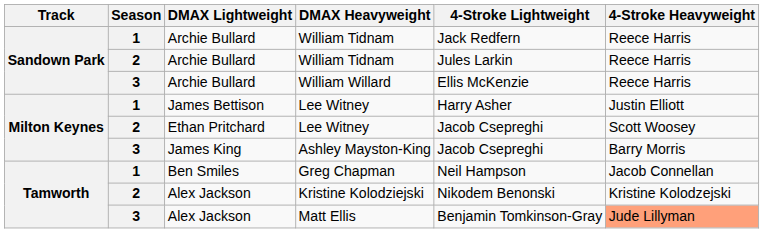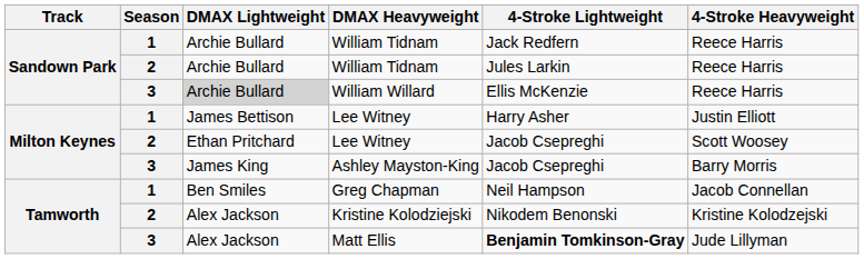 <table class="wikitable">
 <tr>
 <th>Track</th>
 <th>Season</th>
 <th>DMAX Lightweight</th>
 <th>DMAX Heavyweight</th>
 <th>4-Stroke Lightweight</th>
 <th>4-Stroke Heavyweight</th>
 </tr>
 <tr>
 <th rowspan="3">Sandown Park</th>
 <th>1</th>
 <td>Archie Bullard</td>
 <td>William Tidnam</td>
 <td>Jack Redfern</td>
 <td>Reece Harris</td>
 </tr>
 <tr>
 <th>2</th>
 <td>Archie Bullard</td>
 <td>William Tidnam</td>
 <td>Jules Larkin</td>
 <td>Reece Harris</td>
 </tr>
 <tr>
 <th>3</th>
-<td>Archie Bullard</td>
+<td style="background: lightgrey;">Archie Bullard</td>
 <td>William Willard</td>
 <td>Ellis McKenzie</td>
 <td>Reece Harris</td>
 </tr>
 <tr>
 <th rowspan="3">Milton Keynes</th>
 <th>1</th>
 <td>James Bettison</td>
 <td>Lee Witney</td>
 <td>Harry Asher</td>
 <td>Justin Elliott</td>
 </tr>
 <tr>
 <th>2</th>
 <td>Ethan Pritchard</td>
 <td>Lee Witney</td>
 <td>Jacob Csepreghi</td>
 <td>Scott Woosey</td>
 </tr>
 <tr>
 <th>3</th>
 <td>James King</td>
 <td>Ashley Mayston-King</td>
 <td>Jacob Csepreghi</td>
 <td>Barry Morris</td>
 </tr>
 <tr>
 <th rowspan="3">Tamworth</th>
 <th>1</th>
 <td>Ben Smiles</td>
 <td>Greg Chapman</td>
 <td>Neil Hampson</td>
 <td>Jacob Connellan</td>
 </tr>
 <tr>
 <th>2</th>
 <td>Alex Jackson</td>
 <td>Kristine Kolodziejski</td>
 <td>Nikodem Benonski</td>
 <td>Kristine Kolodzejski</td>
 </tr>
 <tr>
 <th>3</th>
 <td>Alex Jackson</td>
 <td>Matt Ellis</td>
-<td>Benjamin Tomkinson-Gray</td>
-<td style="background: lightsalmon;">Jude Lillyman</td>
+<td><strong>Benjamin Tomkinson-Gray</strong></td>
+<td>Jude Lillyman</td>
 </tr>
 </table>
